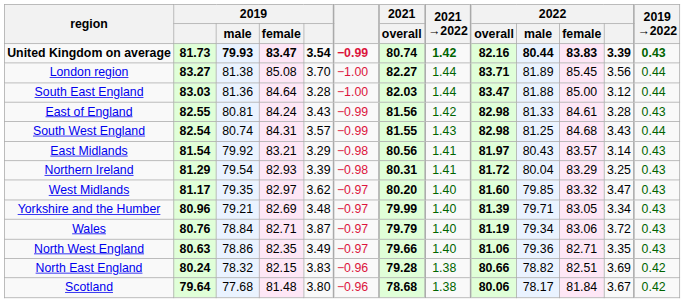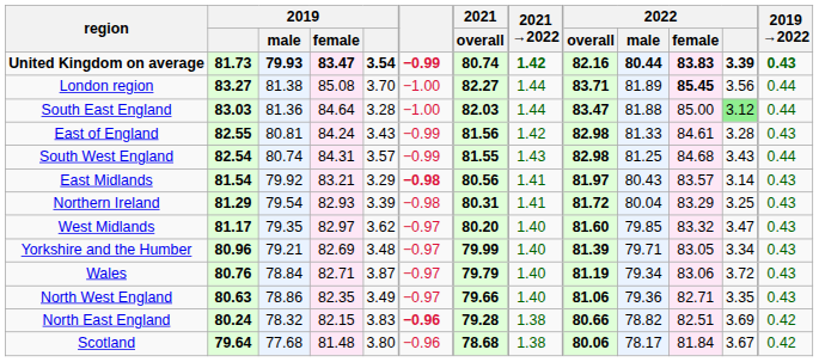 <table class="wikitable sortable mw-datatable static-row-numbers sort-under col1left col6right col8right col13right" style="text-align:center;">
 <tr>
 <th rowspan=2 style="vertical-align:middle;">region</th>
 <th colspan=4>2019</th>
 <th rowspan=2 style="vertical-align:middle;border-left-width:2px;"></th>
 <th style="border-left-width:2px;">2021</th>
 <th rowspan=2 style="vertical-align:middle;border-left-width:2px;">2021<br>→2022</th>
 <th colspan=4 style="border-left-width:2px;">2022</th>
 <th rowspan=2 style="vertical-align:middle;border-left-width:2px;">2019<br>→2022</th>
 </tr>
 <tr>
 <th style="vertical-align:middle;min-width:3em;"></th>
 <th style="vertical-align:middle;min-width:3em;">male</th>
 <th style="vertical-align:middle;min-width:3em;">female</th>
 <th></th>
 <th style="vertical-align:middle;min-width:3em;border-left-width:2px;">overall</th>
 <th style="vertical-align:middle;min-width:3em;border-left-width:2px;">overall</th>
 <th style="vertical-align:middle;min-width:3em;">male</th>
 <th style="vertical-align:middle;min-width:3em;">female</th>
 <th></th>
 </tr>
 <tr class=static-row-header>
 <td><strong>United Kingdom on average</strong></td>
 <td style="background:#e0ffd8;"><strong>81.73</strong></td>
 <td style="background:#eaf3ff;"><strong>79.93</strong></td>
 <td style="background:#fee7f6;"><strong>83.47</strong></td>
 <td><strong>3.54</strong></td>
 <td style="padding-right:1.5ex;color:crimson;border-left-width:2px;"><strong>−0.99</strong></td>
 <td style="background:#e0ffd8;border-left-width:2px;"><strong>80.74</strong></td>
 <td style="padding-right:1.5ex;color:darkgreen;border-left-width:2px;"><strong>1.42</strong></td>
 <td style="background:#e0ffd8;border-left-width:2px;"><strong>82.16</strong></td>
 <td style="background:#eaf3ff;"><strong>80.44</strong></td>
 <td style="background:#fee7f6;"><strong>83.83</strong></td>
 <td><strong>3.39</strong></td>
 <td style="padding-right:1.5ex;color:darkgreen;border-left-width:2px;"><strong>0.43</strong></td>
 </tr>
 <tr>
 <td><a href='#'>London region</a></td>
 <td style="background:#e0ffd8;"><strong>83.27</strong></td>
 <td style="background:#eaf3ff;">81.38</td>
 <td style="background:#fee7f6;">85.08</td>
 <td>3.70</td>
 <td style="padding-right:1.5ex;color:crimson;border-left-width:2px;">−1.00</td>
 <td style="background:#e0ffd8;border-left-width:2px;"><strong>82.27</strong></td>
 <td style="padding-right:1.5ex;color:darkgreen;border-left-width:2px;">1.44</td>
 <td style="background:#e0ffd8;border-left-width:2px;"><strong>83.71</strong></td>
 <td style="background:#eaf3ff;">81.89</td>
-<td style="background:#fee7f6;">85.45</td>
+<td style="background:#fee7f6;"><strong>85.45</strong></td>
 <td>3.56</td>
 <td style="padding-right:1.5ex;color:darkgreen;border-left-width:2px;">0.44</td>
 </tr>
 <tr>
 <td><a href='#'>South East England</a></td>
 <td style="background:#e0ffd8;"><strong>83.03</strong></td>
 <td style="background:#eaf3ff;">81.36</td>
 <td style="background:#fee7f6;">84.64</td>
 <td>3.28</td>
 <td style="padding-right:1.5ex;color:crimson;border-left-width:2px;">−1.00</td>
 <td style="background:#e0ffd8;border-left-width:2px;"><strong>82.03</strong></td>
 <td style="padding-right:1.5ex;color:darkgreen;border-left-width:2px;">1.44</td>
 <td style="background:#e0ffd8;border-left-width:2px;"><strong>83.47</strong></td>
 <td style="background:#eaf3ff;">81.88</td>
 <td style="background:#fee7f6;">85.00</td>
-<td>3.12</td>
+<td style="background: lightgreen;">3.12</td>
 <td style="padding-right:1.5ex;color:darkgreen;border-left-width:2px;">0.44</td>
 </tr>
 <tr>
 <td><a href='#'>East of England</a></td>
 <td style="background:#e0ffd8;"><strong>82.55</strong></td>
 <td style="background:#eaf3ff;">80.81</td>
 <td style="background:#fee7f6;">84.24</td>
 <td>3.43</td>
 <td style="padding-right:1.5ex;color:crimson;border-left-width:2px;">−0.99</td>
 <td style="background:#e0ffd8;border-left-width:2px;"><strong>81.56</strong></td>
 <td style="padding-right:1.5ex;color:darkgreen;border-left-width:2px;">1.42</td>
 <td style="background:#e0ffd8;border-left-width:2px;"><strong>82.98</strong></td>
 <td style="background:#eaf3ff;">81.33</td>
 <td style="background:#fee7f6;">84.61</td>
 <td>3.28</td>
 <td style="padding-right:1.5ex;color:darkgreen;border-left-width:2px;">0.43</td>
 </tr>
 <tr>
 <td><a href='#'>South West England</a></td>
 <td style="background:#e0ffd8;"><strong>82.54</strong></td>
 <td style="background:#eaf3ff;">80.74</td>
 <td style="background:#fee7f6;">84.31</td>
 <td>3.57</td>
 <td style="padding-right:1.5ex;color:crimson;border-left-width:2px;">−0.99</td>
 <td style="background:#e0ffd8;border-left-width:2px;"><strong>81.55</strong></td>
 <td style="padding-right:1.5ex;color:darkgreen;border-left-width:2px;">1.43</td>
 <td style="background:#e0ffd8;border-left-width:2px;"><strong>82.98</strong></td>
 <td style="background:#eaf3ff;">81.25</td>
 <td style="background:#fee7f6;">84.68</td>
 <td>3.43</td>
 <td style="padding-right:1.5ex;color:darkgreen;border-left-width:2px;">0.44</td>
 </tr>
 <tr>
 <td><a href='#'>East Midlands</a></td>
 <td style="background:#e0ffd8;"><strong>81.54</strong></td>
 <td style="background:#eaf3ff;">79.92</td>
 <td style="background:#fee7f6;">83.21</td>
 <td>3.29</td>
-<td style="padding-right:1.5ex;color:crimson;border-left-width:2px;">−0.98</td>
+<td style="padding-right:1.5ex;color:crimson;border-left-width:2px;"><strong>−0.98</strong></td>
 <td style="background:#e0ffd8;border-left-width:2px;"><strong>80.56</strong></td>
 <td style="padding-right:1.5ex;color:darkgreen;border-left-width:2px;">1.41</td>
 <td style="background:#e0ffd8;border-left-width:2px;"><strong>81.97</strong></td>
 <td style="background:#eaf3ff;">80.43</td>
 <td style="background:#fee7f6;">83.57</td>
 <td>3.14</td>
 <td style="padding-right:1.5ex;color:darkgreen;border-left-width:2px;">0.43</td>
 </tr>
 <tr>
 <td><a href='#'>Northern Ireland</a></td>
 <td style="background:#e0ffd8;"><strong>81.29</strong></td>
 <td style="background:#eaf3ff;">79.54</td>
 <td style="background:#fee7f6;">82.93</td>
 <td>3.39</td>
 <td style="padding-right:1.5ex;color:crimson;border-left-width:2px;">−0.98</td>
 <td style="background:#e0ffd8;border-left-width:2px;"><strong>80.31</strong></td>
 <td style="padding-right:1.5ex;color:darkgreen;border-left-width:2px;">1.41</td>
 <td style="background:#e0ffd8;border-left-width:2px;"><strong>81.72</strong></td>
 <td style="background:#eaf3ff;">80.04</td>
 <td style="background:#fee7f6;">83.29</td>
 <td>3.25</td>
 <td style="padding-right:1.5ex;color:darkgreen;border-left-width:2px;">0.43</td>
 </tr>
 <tr>
 <td><a href='#'>West Midlands</a></td>
 <td style="background:#e0ffd8;"><strong>81.17</strong></td>
 <td style="background:#eaf3ff;">79.35</td>
 <td style="background:#fee7f6;">82.97</td>
 <td>3.62</td>
 <td style="padding-right:1.5ex;color:crimson;border-left-width:2px;">−0.97</td>
 <td style="background:#e0ffd8;border-left-width:2px;"><strong>80.20</strong></td>
 <td style="padding-right:1.5ex;color:darkgreen;border-left-width:2px;">1.40</td>
 <td style="background:#e0ffd8;border-left-width:2px;"><strong>81.60</strong></td>
 <td style="background:#eaf3ff;">79.85</td>
 <td style="background:#fee7f6;">83.32</td>
 <td>3.47</td>
 <td style="padding-right:1.5ex;color:darkgreen;border-left-width:2px;">0.43</td>
 </tr>
 <tr>
 <td><a href='#'>Yorkshire and the Humber</a></td>
 <td style="background:#e0ffd8;"><strong>80.96</strong></td>
 <td style="background:#eaf3ff;">79.21</td>
 <td style="background:#fee7f6;">82.69</td>
 <td>3.48</td>
 <td style="padding-right:1.5ex;color:crimson;border-left-width:2px;">−0.97</td>
 <td style="background:#e0ffd8;border-left-width:2px;"><strong>79.99</strong></td>
 <td style="padding-right:1.5ex;color:darkgreen;border-left-width:2px;">1.40</td>
 <td style="background:#e0ffd8;border-left-width:2px;"><strong>81.39</strong></td>
 <td style="background:#eaf3ff;">79.71</td>
 <td style="background:#fee7f6;">83.05</td>
 <td>3.34</td>
 <td style="padding-right:1.5ex;color:darkgreen;border-left-width:2px;">0.43</td>
 </tr>
 <tr>
 <td><a href='#'>Wales</a></td>
 <td style="background:#e0ffd8;"><strong>80.76</strong></td>
 <td style="background:#eaf3ff;">78.84</td>
 <td style="background:#fee7f6;">82.71</td>
 <td>3.87</td>
 <td style="padding-right:1.5ex;color:crimson;border-left-width:2px;">−0.97</td>
 <td style="background:#e0ffd8;border-left-width:2px;"><strong>79.79</strong></td>
 <td style="padding-right:1.5ex;color:darkgreen;border-left-width:2px;">1.40</td>
 <td style="background:#e0ffd8;border-left-width:2px;"><strong>81.19</strong></td>
 <td style="background:#eaf3ff;">79.34</td>
 <td style="background:#fee7f6;">83.06</td>
 <td>3.72</td>
 <td style="padding-right:1.5ex;color:darkgreen;border-left-width:2px;">0.43</td>
 </tr>
 <tr>
 <td><a href='#'>North West England</a></td>
 <td style="background:#e0ffd8;"><strong>80.63</strong></td>
 <td style="background:#eaf3ff;">78.86</td>
 <td style="background:#fee7f6;">82.35</td>
 <td>3.49</td>
 <td style="padding-right:1.5ex;color:crimson;border-left-width:2px;">−0.97</td>
 <td style="background:#e0ffd8;border-left-width:2px;"><strong>79.66</strong></td>
 <td style="padding-right:1.5ex;color:darkgreen;border-left-width:2px;">1.40</td>
 <td style="background:#e0ffd8;border-left-width:2px;"><strong>81.06</strong></td>
 <td style="background:#eaf3ff;">79.36</td>
 <td style="background:#fee7f6;">82.71</td>
 <td>3.35</td>
 <td style="padding-right:1.5ex;color:darkgreen;border-left-width:2px;">0.43</td>
 </tr>
 <tr>
 <td><a href='#'>North East England</a></td>
 <td style="background:#e0ffd8;"><strong>80.24</strong></td>
 <td style="background:#eaf3ff;">78.32</td>
 <td style="background:#fee7f6;">82.15</td>
 <td>3.83</td>
-<td style="padding-right:1.5ex;color:crimson;border-left-width:2px;">−0.96</td>
+<td style="padding-right:1.5ex;color:crimson;border-left-width:2px;"><strong>−0.96</strong></td>
 <td style="background:#e0ffd8;border-left-width:2px;"><strong>79.28</strong></td>
 <td style="padding-right:1.5ex;color:darkgreen;border-left-width:2px;">1.38</td>
 <td style="background:#e0ffd8;border-left-width:2px;"><strong>80.66</strong></td>
 <td style="background:#eaf3ff;">78.82</td>
 <td style="background:#fee7f6;">82.51</td>
 <td>3.69</td>
 <td style="padding-right:1.5ex;color:darkgreen;border-left-width:2px;">0.42</td>
 </tr>
 <tr>
 <td><a href='#'>Scotland</a></td>
 <td style="background:#e0ffd8;"><strong>79.64</strong></td>
 <td style="background:#eaf3ff;">77.68</td>
 <td style="background:#fee7f6;">81.48</td>
 <td>3.80</td>
 <td style="padding-right:1.5ex;color:crimson;border-left-width:2px;">−0.96</td>
 <td style="background:#e0ffd8;border-left-width:2px;"><strong>78.68</strong></td>
 <td style="padding-right:1.5ex;color:darkgreen;border-left-width:2px;">1.38</td>
 <td style="background:#e0ffd8;border-left-width:2px;"><strong>80.06</strong></td>
 <td style="background:#eaf3ff;">78.17</td>
 <td style="background:#fee7f6;">81.84</td>
 <td>3.67</td>
 <td style="padding-right:1.5ex;color:darkgreen;border-left-width:2px;">0.42</td>
 </tr>
 </table>
